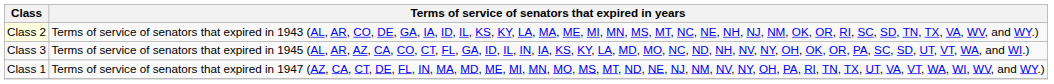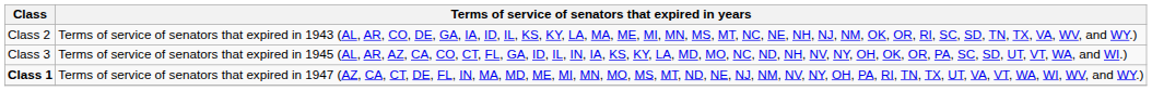 <table class="wikitable sortable">
 <tr valign=bottom>
 <th>Class</th>
 <th>Terms of service of senators that expired in years</th>
 </tr>
 <tr>
-<td style="background: lightyellow;">Class 2</td>
+<td>Class 2</td>
 <td>Terms of service of senators that expired in 1943 (<a href='#'>AL</a>, <a href='#'>AR</a>, <a href='#'>CO</a>, <a href='#'>DE</a>, <a href='#'>GA</a>, <a href='#'>IA</a>, <a href='#'>ID</a>, <a href='#'>IL</a>, <a href='#'>KS</a>, <a href='#'>KY</a>, <a href='#'>LA</a>, <a href='#'>MA</a>, <a href='#'>ME</a>, <a href='#'>MI</a>, <a href='#'>MN</a>, <a href='#'>MS</a>, <a href='#'>MT</a>, <a href='#'>NC</a>, <a href='#'>NE</a>, <a href='#'>NH</a>, <a href='#'>NJ</a>, <a href='#'>NM</a>, <a href='#'>OK</a>, <a href='#'>OR</a>, <a href='#'>RI</a>, <a href='#'>SC</a>, <a href='#'>SD</a>, <a href='#'>TN</a>, <a href='#'>TX</a>, <a href='#'>VA</a>, <a href='#'>WV</a>, and <a href='#'>WY</a>.)</td>
 </tr>
 <tr>
 <td>Class 3</td>
 <td>Terms of service of senators that expired in 1945 (<a href='#'>AL</a>, <a href='#'>AR</a>, <a href='#'>AZ</a>, <a href='#'>CA</a>, <a href='#'>CO</a>, <a href='#'>CT</a>, <a href='#'>FL</a>, <a href='#'>GA</a>, <a href='#'>ID</a>, <a href='#'>IL</a>, <a href='#'>IN</a>, <a href='#'>IA</a>, <a href='#'>KS</a>, <a href='#'>KY</a>, <a href='#'>LA</a>, <a href='#'>MD</a>, <a href='#'>MO</a>, <a href='#'>NC</a>, <a href='#'>ND</a>, <a href='#'>NH</a>, <a href='#'>NV</a>, <a href='#'>NY</a>, <a href='#'>OH</a>, <a href='#'>OK</a>, <a href='#'>OR</a>, <a href='#'>PA</a>, <a href='#'>SC</a>, <a href='#'>SD</a>, <a href='#'>UT</a>, <a href='#'>VT</a>, <a href='#'>WA</a>, and <a href='#'>WI</a>.)</td>
 </tr>
 <tr>
-<td>Class 1</td>
+<td><strong>Class 1</strong></td>
 <td>Terms of service of senators that expired in 1947 (<a href='#'>AZ</a>, <a href='#'>CA</a>, <a href='#'>CT</a>, <a href='#'>DE</a>, <a href='#'>FL</a>, <a href='#'>IN</a>, <a href='#'>MA</a>, <a href='#'>MD</a>, <a href='#'>ME</a>,  <a href='#'>MI</a>, <a href='#'>MN</a>, <a href='#'>MO</a>, <a href='#'>MS</a>, <a href='#'>MT</a>, <a href='#'>ND</a>, <a href='#'>NE</a>, <a href='#'>NJ</a>, <a href='#'>NM</a>, <a href='#'>NV</a>, <a href='#'>NY</a>, <a href='#'>OH</a>, <a href='#'>PA</a>, <a href='#'>RI</a>, <a href='#'>TN</a>, <a href='#'>TX</a>, <a href='#'>UT</a>, <a href='#'>VA</a>, <a href='#'>VT</a>, <a href='#'>WA</a>, <a href='#'>WI</a>, <a href='#'>WV</a>, and <a href='#'>WY</a>.)</td>
 </tr>
 <tr>
 </tr>
 </table>
